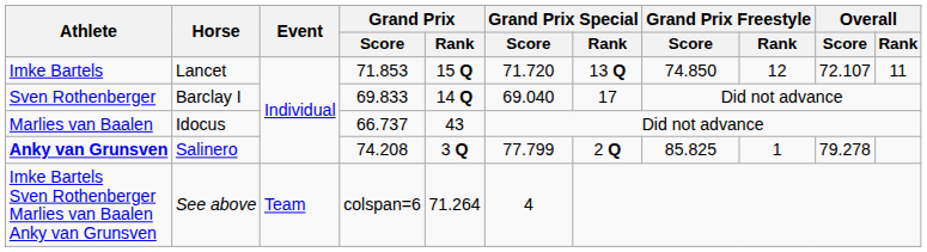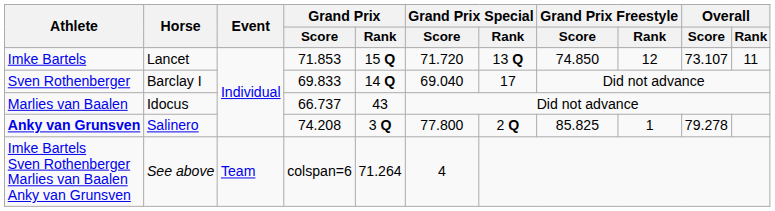 <table class=wikitable style="font-size:90%">
 <tr>
 <th rowspan="2">Athlete</th>
 <th rowspan="2">Horse</th>
 <th rowspan="2">Event</th>
 <th colspan="2">Grand Prix</th>
 <th colspan="2">Grand Prix Special</th>
 <th colspan="2">Grand Prix Freestyle</th>
 <th colspan="2">Overall</th>
 </tr>
 <tr style="font-size:95%">
 <th>Score</th>
 <th>Rank</th>
 <th>Score</th>
 <th>Rank</th>
 <th>Score</th>
 <th>Rank</th>
 <th>Score</th>
 <th>Rank</th>
 </tr>
 <tr align=center>
 <td align=left><a href='#'>Imke Bartels</a></td>
 <td align=left>Lancet</td>
 <td align=left rowspan=4><a href='#'>Individual</a></td>
 <td>71.853</td>
 <td>15 <strong>Q</strong></td>
 <td>71.720</td>
 <td>13 <strong>Q</strong></td>
 <td>74.850</td>
 <td>12</td>
-<td>72.107</td>
+<td>73.107</td>
 <td>11</td>
 </tr>
 <tr align=center>
 <td align=left><a href='#'>Sven Rothenberger</a></td>
 <td align=left>Barclay I</td>
 <td>69.833</td>
 <td>14 <strong>Q</strong></td>
 <td>69.040</td>
 <td>17</td>
 <td colspan=4>Did not advance</td>
 </tr>
 <tr align=center>
 <td align=left><a href='#'>Marlies van Baalen</a></td>
 <td align=left>Idocus</td>
 <td>66.737</td>
 <td>43</td>
 <td colspan=6>Did not advance</td>
 </tr>
 <tr align=center>
 <td align=left><strong><a href='#'>Anky van Grunsven</a></strong></td>
 <td align=left><a href='#'>Salinero</a></td>
 <td>74.208</td>
 <td>3 <strong>Q</strong></td>
-<td>77.799</td>
+<td>77.800</td>
 <td>2 <strong>Q</strong></td>
 <td>85.825</td>
 <td>1</td>
 <td>79.278</td>
 <td></td>
 </tr>
 <tr align=center>
 <td align=left><a href='#'>Imke Bartels</a><br><a href='#'>Sven Rothenberger</a><br><a href='#'>Marlies van Baalen</a><br><a href='#'>Anky van Grunsven</a></td>
 <td align=left><em>See above</em></td>
 <td align=left><a href='#'>Team</a></td>
 <td>colspan=6 </td>
 <td>71.264</td>
 <td>4</td>
 </tr>
 </table>
